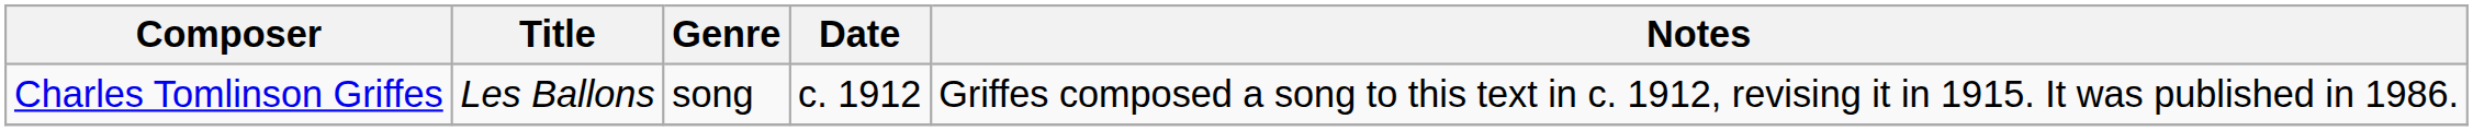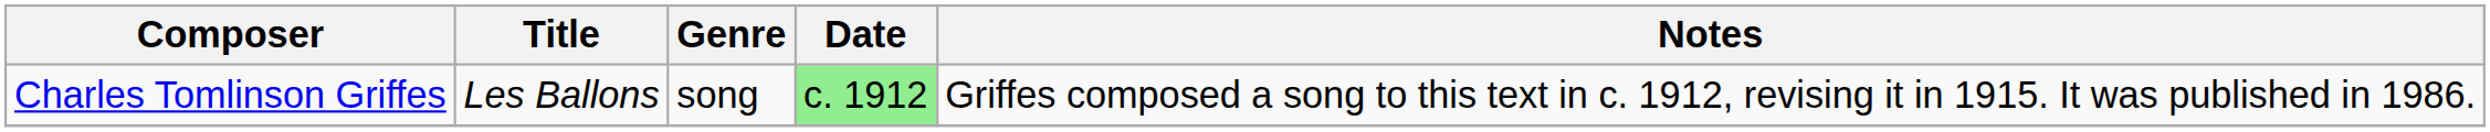 <table class="wikitable sortable" style="text-align; left">
 <tr>
 <th>Composer</th>
 <th>Title</th>
 <th>Genre</th>
 <th>Date</th>
 <th>Notes</th>
 </tr>
 <tr>
 <td><a href='#'>Charles Tomlinson Griffes</a></td>
 <td><em>Les Ballons</em></td>
 <td>song</td>
-<td>c. 1912</td>
+<td style="background: lightgreen;">c. 1912</td>
 <td>Griffes composed a song to this text in c. 1912, revising it in 1915.  It was published in 1986.</td>
 </tr>
 <tr>
 </tr>
 </table>
